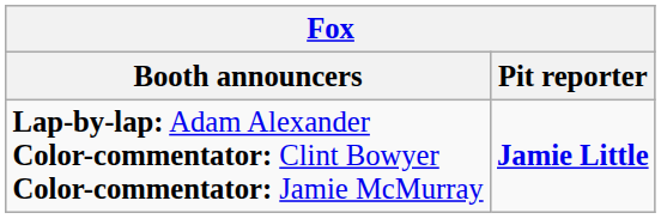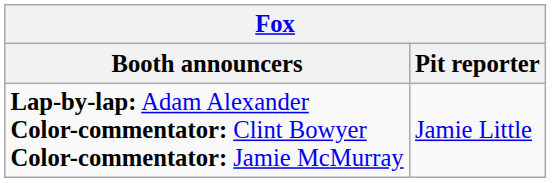 <table class="wikitable">
 <tr>
 <th colspan="2"><a href='#'>Fox</a></th>
 </tr>
 <tr>
 <th>Booth announcers</th>
 <th>Pit reporter</th>
 </tr>
 <tr>
 <td><strong>Lap-by-lap:</strong> <a href='#'>Adam Alexander</a><br><strong>Color-commentator:</strong> <a href='#'>Clint Bowyer</a><br><strong>Color-commentator:</strong> <a href='#'>Jamie McMurray</a></td>
-<td><strong><a href='#'>Jamie Little</a></strong></td>
+<td><a href='#'>Jamie Little</a></td>
 </tr>
 </table>
